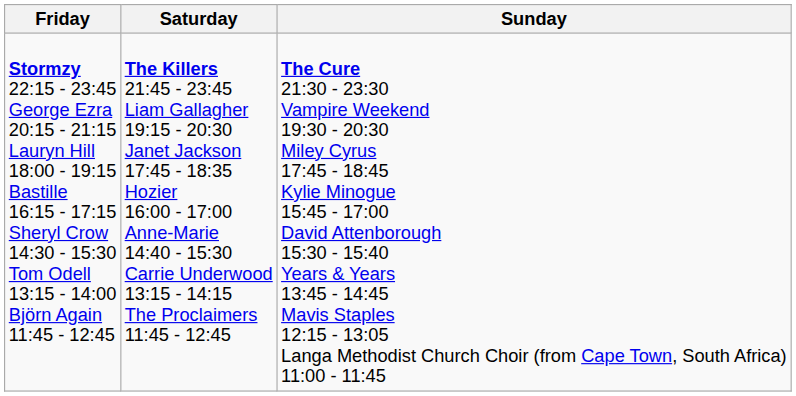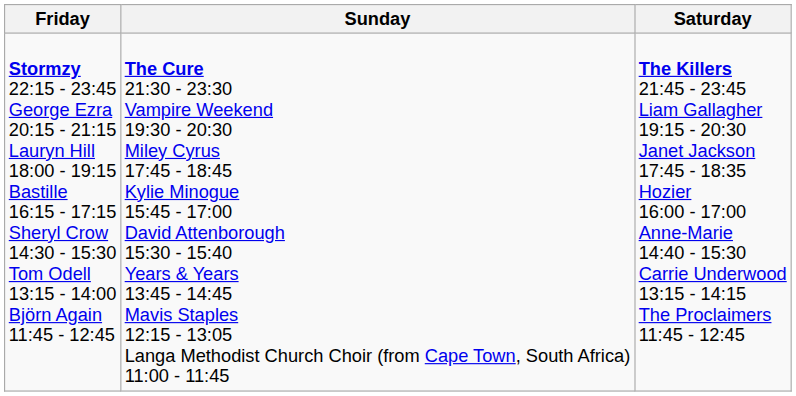 <table class="wikitable">
 <tr>
 <th>Friday</th>
+<th>Sunday</th>
 <th>Saturday</th>
-<th>Sunday</th>
 </tr>
 <tr valign="top">
 <td><br><strong><a href='#'>Stormzy</a></strong> <br>22:15 - 23:45 <br><a href='#'>George Ezra</a> <br>20:15 - 21:15 <br><a href='#'>Lauryn Hill</a> <br>18:00 - 19:15 <br><a href='#'>Bastille</a> <br>16:15 - 17:15 <br><a href='#'>Sheryl Crow</a> <br>14:30 - 15:30 <br><a href='#'>Tom Odell</a> <br>13:15 - 14:00 <br><a href='#'>Björn Again</a> <br>11:45 - 12:45</td>
+<td><br><strong><a href='#'>The Cure</a></strong> <br>21:30 - 23:30 <br><a href='#'>Vampire Weekend</a> <br>19:30 - 20:30 <br><a href='#'>Miley Cyrus</a> <br>17:45 - 18:45 <br><a href='#'>Kylie Minogue</a> <br>15:45 - 17:00 <br><a href='#'>David Attenborough</a>  <br>15:30 - 15:40 <br><a href='#'>Years & Years</a> <br>13:45 - 14:45 <br><a href='#'>Mavis Staples</a> <br>12:15 - 13:05 <br>Langa Methodist Church Choir (from <a href='#'>Cape Town</a>, South Africa) <br>11:00 - 11:45</td>
 <td><br><strong><a href='#'>The Killers</a></strong> <br>21:45 - 23:45 <br><a href='#'>Liam Gallagher</a> <br>19:15 - 20:30 <br><a href='#'>Janet Jackson</a> <br>17:45 - 18:35 <br><a href='#'>Hozier</a> <br>16:00 - 17:00 <br><a href='#'>Anne-Marie</a> <br>14:40 - 15:30 <br><a href='#'>Carrie Underwood</a> <br>13:15 - 14:15 <br><a href='#'>The Proclaimers</a>  <br>11:45 - 12:45</td>
-<td><br><strong><a href='#'>The Cure</a></strong> <br>21:30 - 23:30 <br><a href='#'>Vampire Weekend</a> <br>19:30 - 20:30 <br><a href='#'>Miley Cyrus</a> <br>17:45 - 18:45 <br><a href='#'>Kylie Minogue</a> <br>15:45 - 17:00 <br><a href='#'>David Attenborough</a>  <br>15:30 - 15:40 <br><a href='#'>Years & Years</a> <br>13:45 - 14:45 <br><a href='#'>Mavis Staples</a> <br>12:15 - 13:05 <br>Langa Methodist Church Choir (from <a href='#'>Cape Town</a>, South Africa) <br>11:00 - 11:45</td>
 </tr>
 </table>
